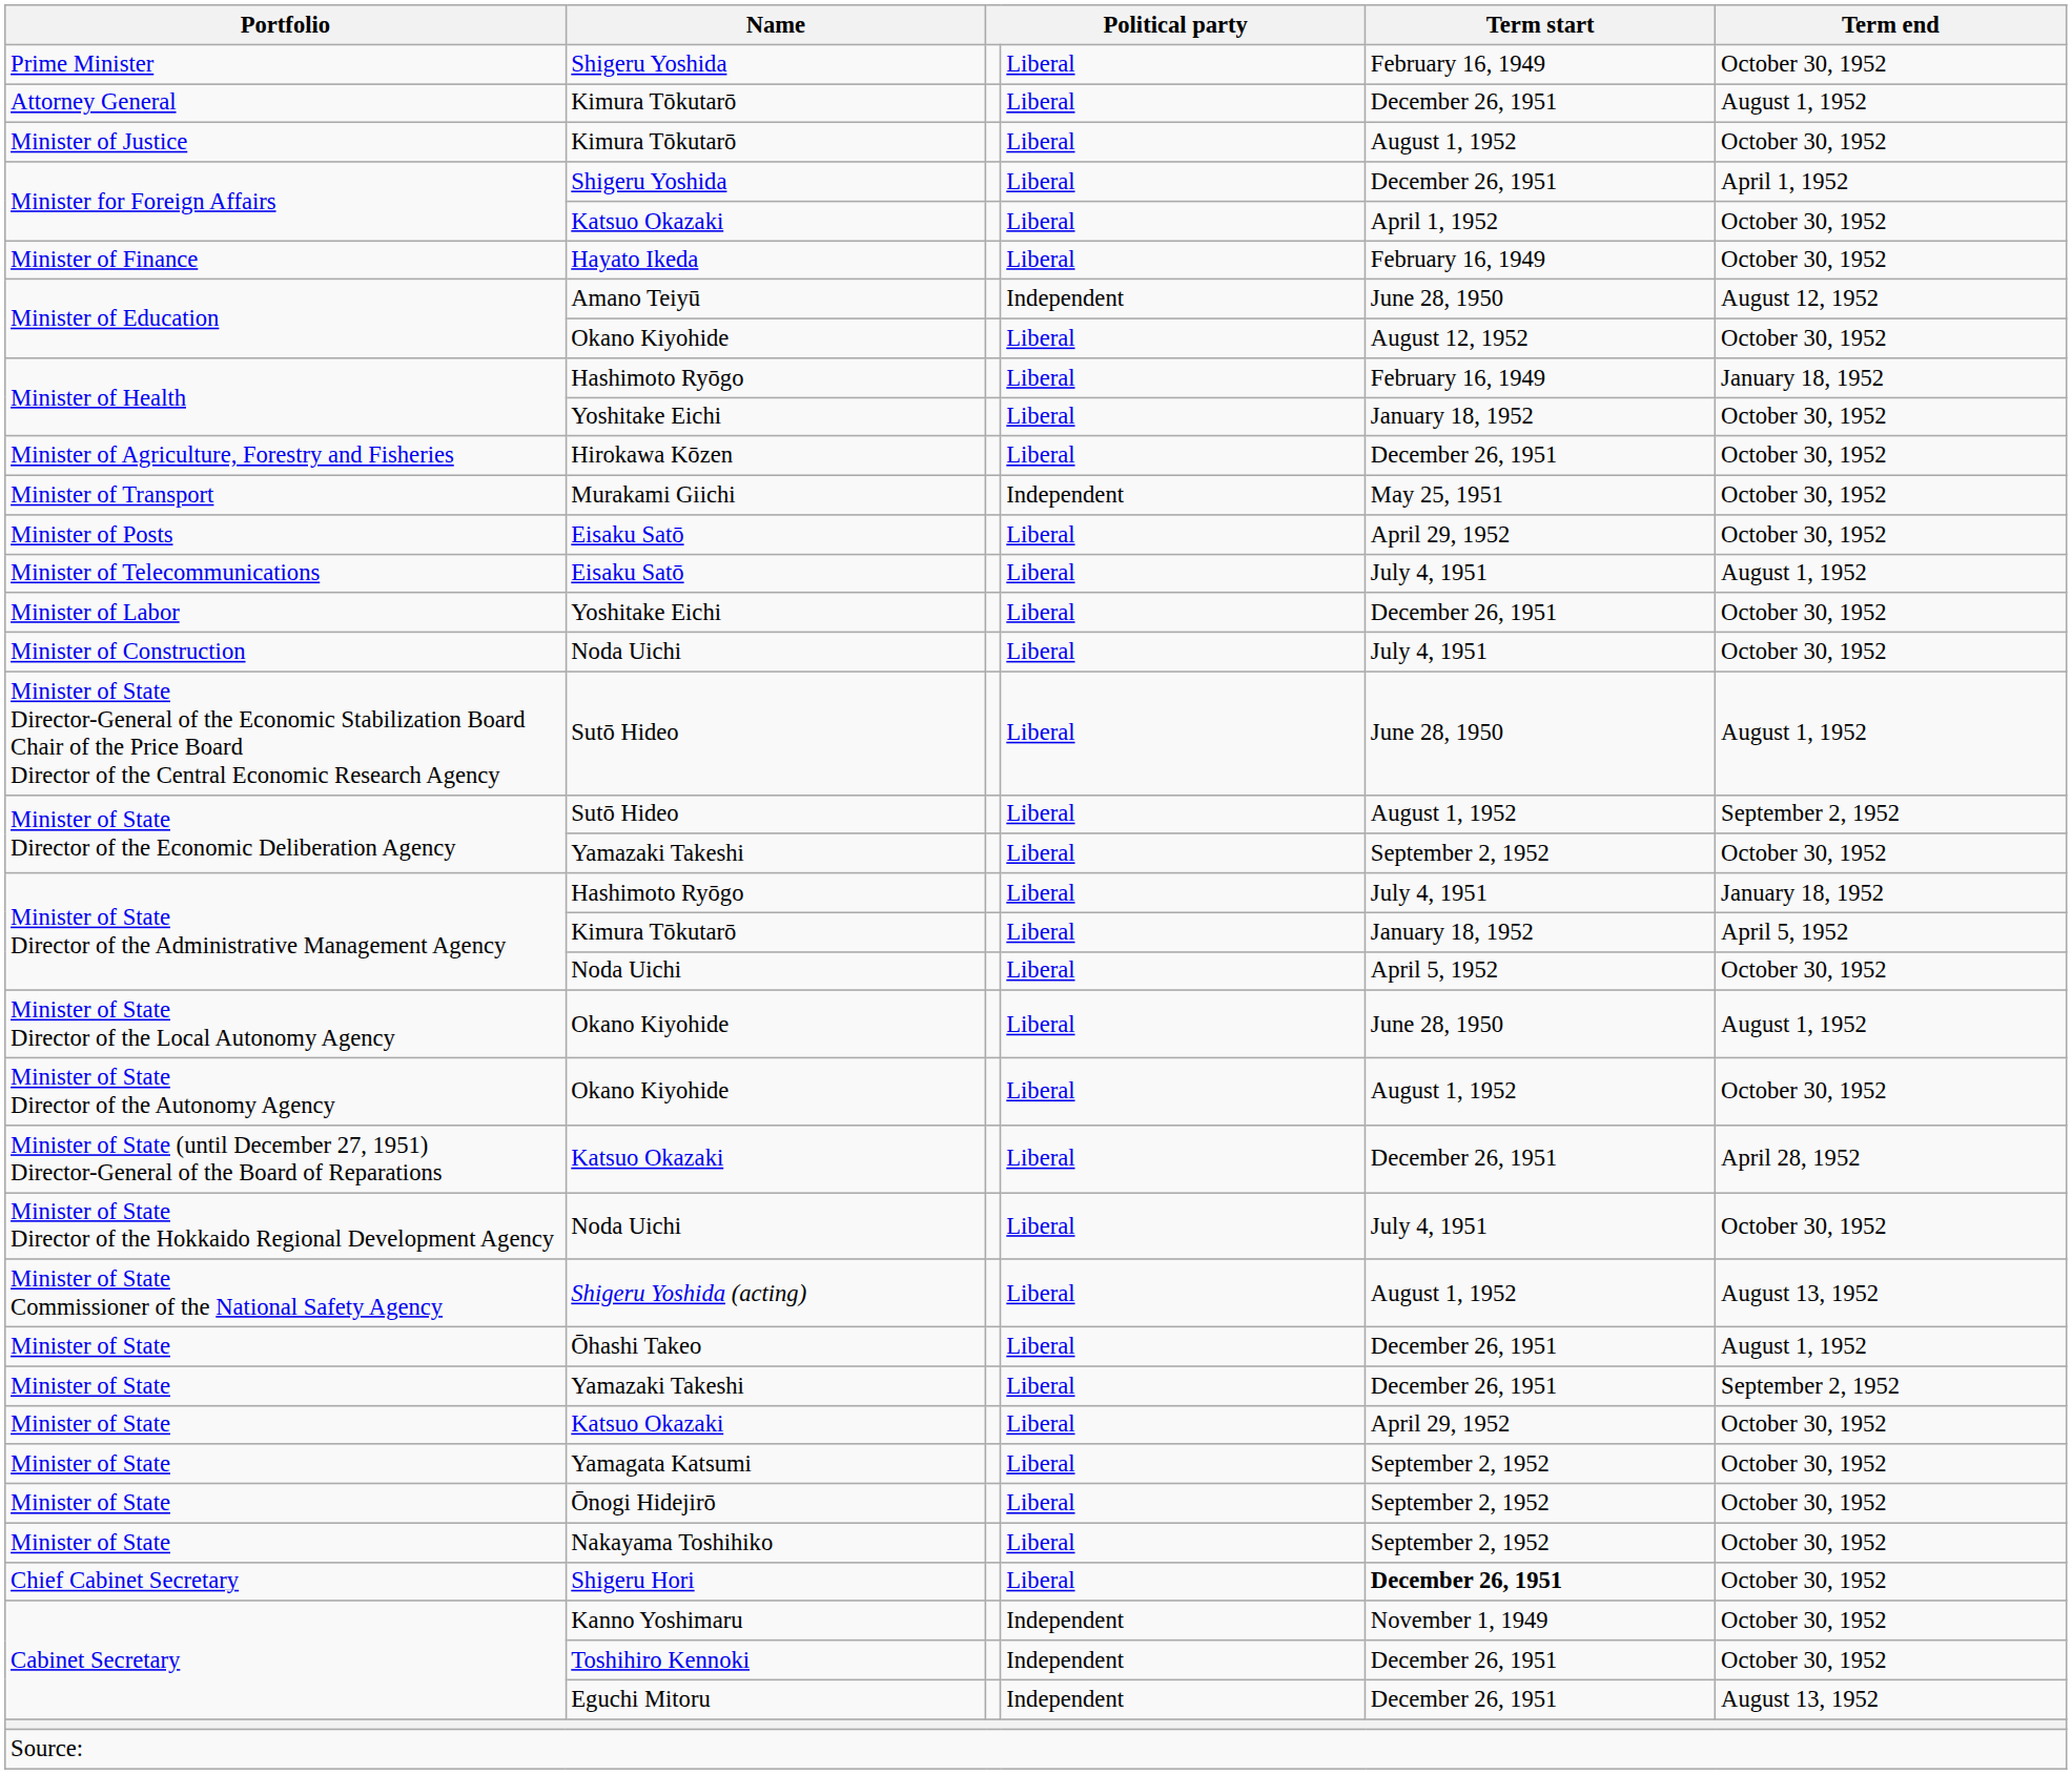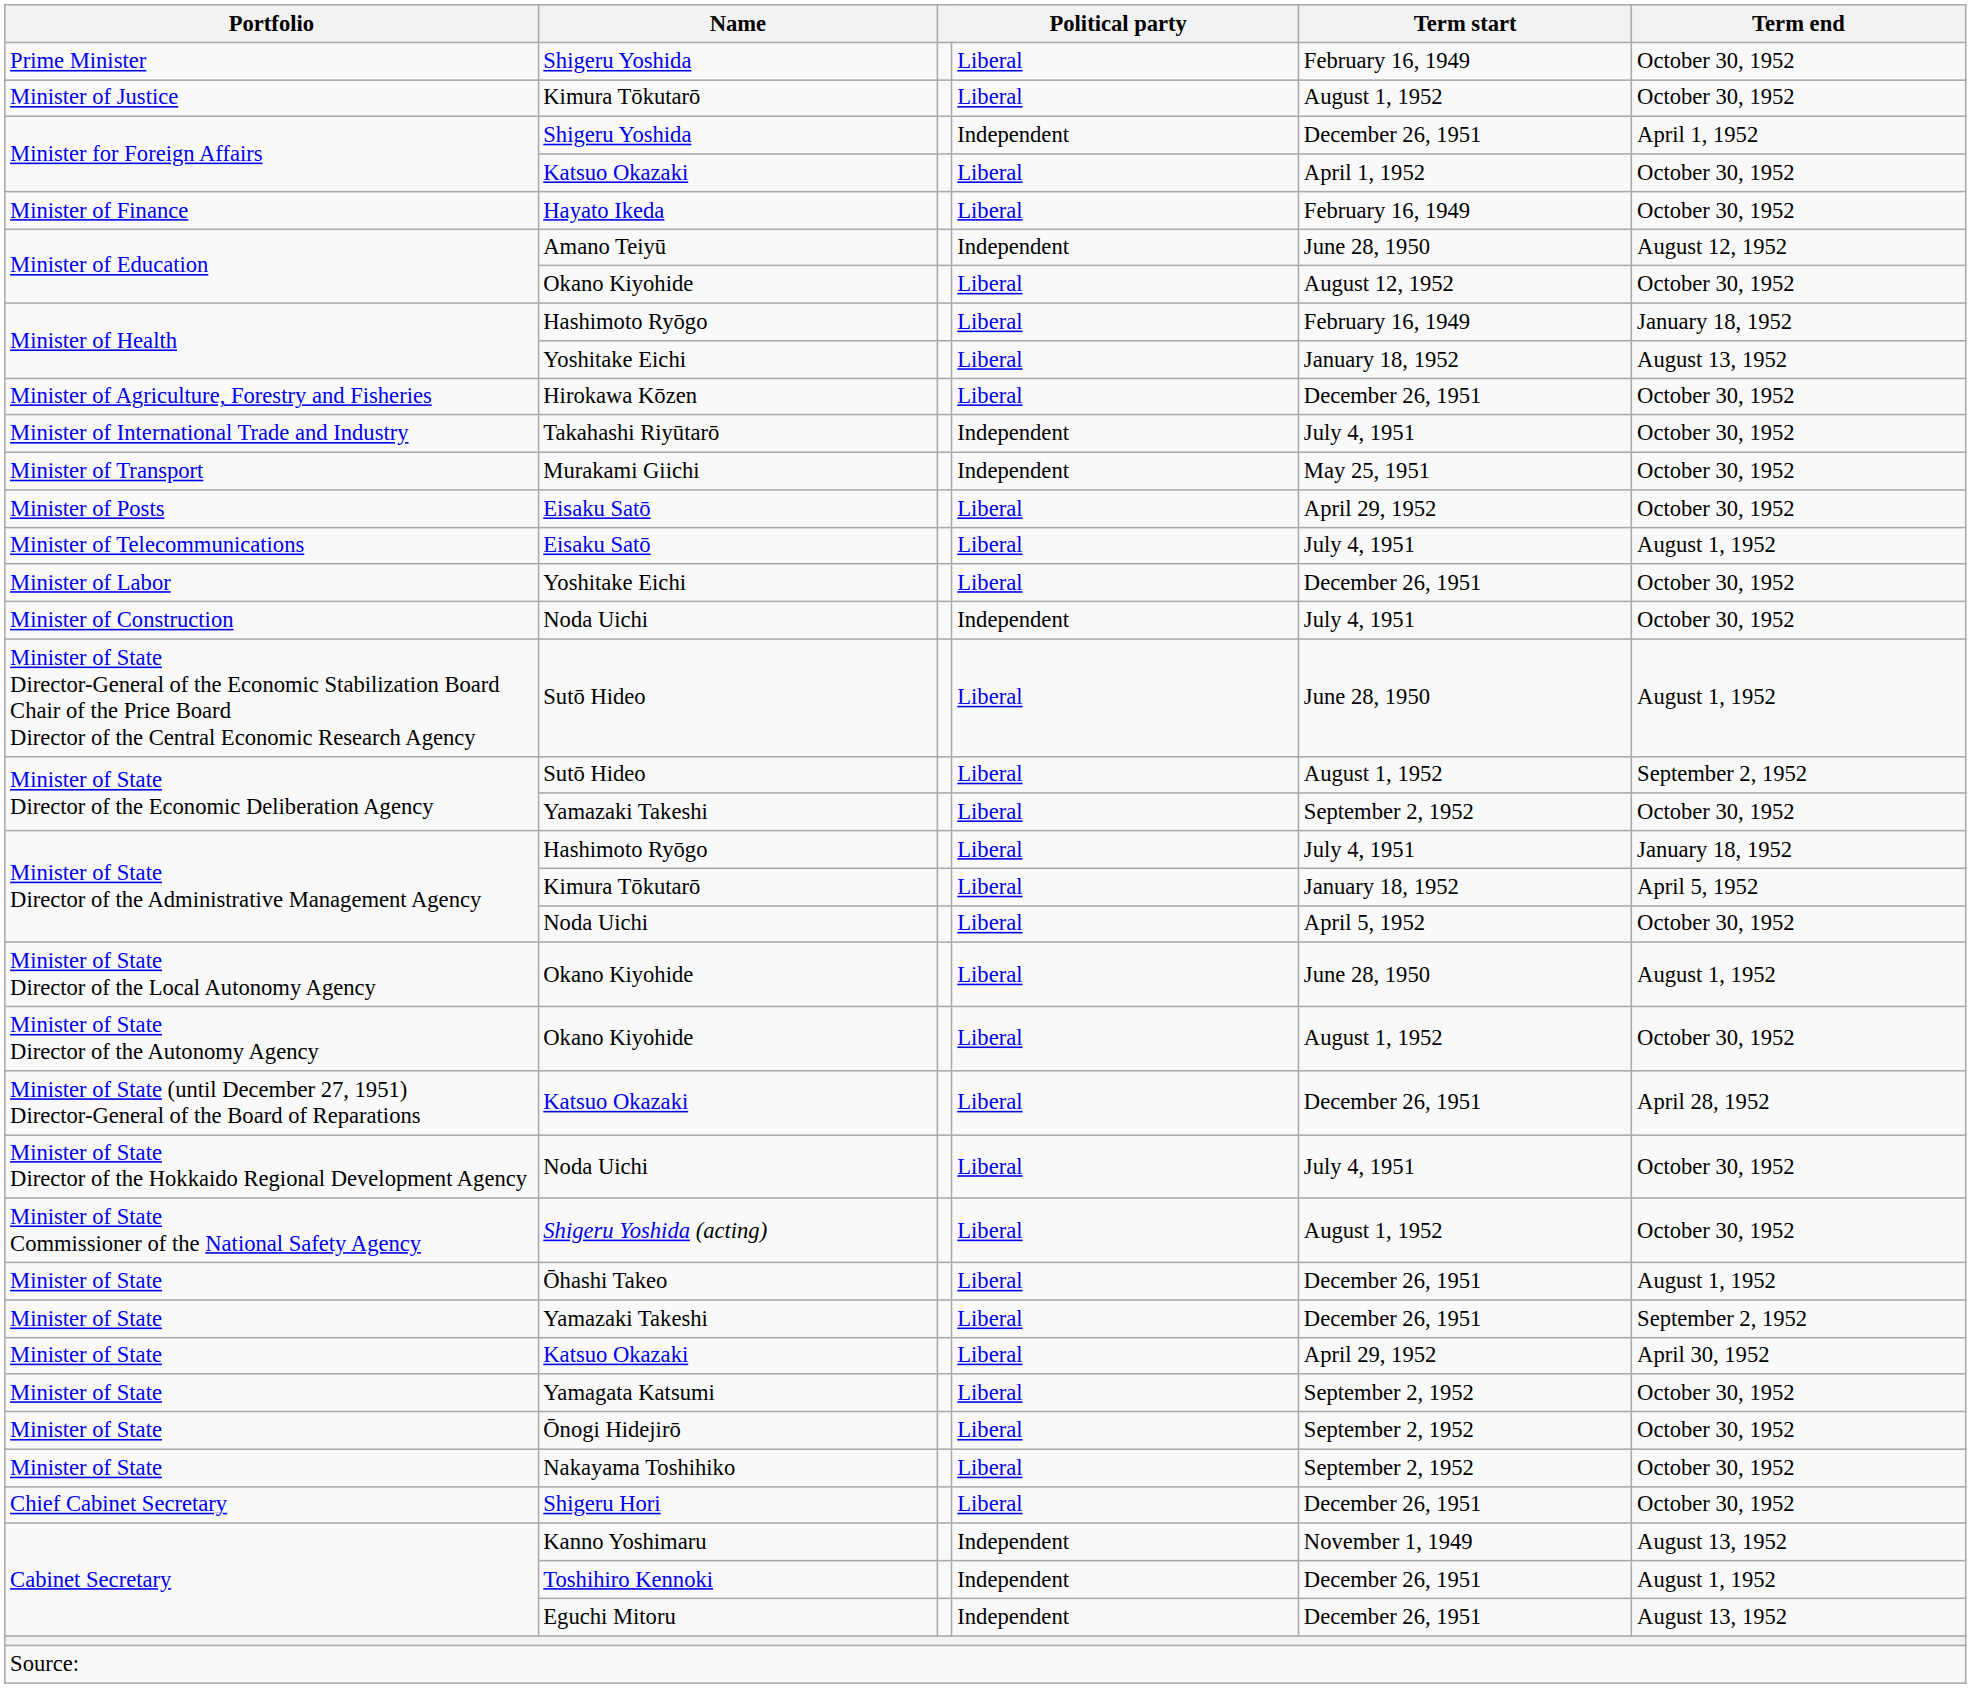 <table class="wikitable unsortable" style="font-size: 90%;">
 <tr>
 <th scope="col" width="20%">Portfolio</th>
 <th scope="col" width="15%">Name</th>
 <th colspan="2" scope="col" width="13.5%">Political party</th>
 <th scope="col" width="12.5%">Term start</th>
 <th scope="col" width="12.5%">Term end</th>
 </tr>
 <tr>
 <td style="text-align: left;"><a href='#'>Prime Minister</a></td>
 <td><a href='#'>Shigeru Yoshida</a></td>
 <td width="0.5%" style="background:"></td>
 <td><a href='#'>Liberal</a></td>
 <td>February 16, 1949</td>
 <td>October 30, 1952</td>
 </tr>
 <tr>
-<td><a href='#'>Attorney General</a></td>
-<td>Kimura Tōkutarō</td>
-<td style="color:inherit;background:"></td>
-<td><a href='#'>Liberal</a></td>
-<td>December 26, 1951</td>
-<td>August 1, 1952</td>
-</tr>
-<tr>
 <td><a href='#'>Minister of Justice</a></td>
 <td>Kimura Tōkutarō</td>
 <td style="color:inherit;background:"></td>
 <td><a href='#'>Liberal</a></td>
 <td>August 1, 1952</td>
 <td>October 30, 1952</td>
 </tr>
 <tr>
 <td rowspan="2"><a href='#'>Minister for Foreign Affairs</a></td>
 <td><a href='#'>Shigeru Yoshida</a></td>
 <td style="color:inherit;background:"></td>
-<td><a href='#'>Liberal</a></td>
+<td>Independent</td>
 <td>December 26, 1951</td>
 <td>April 1, 1952</td>
 </tr>
 <tr>
 <td><a href='#'>Katsuo Okazaki</a></td>
 <td style="color:inherit;background:"></td>
 <td><a href='#'>Liberal</a></td>
 <td>April 1, 1952</td>
 <td>October 30, 1952</td>
 </tr>
 <tr>
 <td><a href='#'>Minister of Finance</a></td>
 <td><a href='#'>Hayato Ikeda</a></td>
 <td style="color:inherit;background:"></td>
 <td><a href='#'>Liberal</a></td>
 <td>February 16, 1949</td>
 <td>October 30, 1952</td>
 </tr>
 <tr>
 <td rowspan="2"><a href='#'>Minister of Education</a></td>
 <td>Amano Teiyū</td>
 <td style="color:inherit;background:"></td>
 <td>Independent</td>
 <td>June 28, 1950</td>
 <td>August 12, 1952</td>
 </tr>
 <tr>
 <td>Okano Kiyohide</td>
 <td style="color:inherit;background:"></td>
 <td><a href='#'>Liberal</a></td>
 <td>August 12, 1952</td>
 <td>October 30, 1952</td>
 </tr>
 <tr>
 <td rowspan="2"><a href='#'>Minister of Health</a></td>
 <td>Hashimoto Ryōgo</td>
 <td style="color:inherit;background:"></td>
 <td><a href='#'>Liberal</a></td>
 <td>February 16, 1949</td>
 <td>January 18, 1952</td>
 </tr>
 <tr>
 <td>Yoshitake Eichi</td>
 <td style="color:inherit;background:"></td>
 <td><a href='#'>Liberal</a></td>
 <td>January 18, 1952</td>
-<td>October 30, 1952</td>
+<td>August 13, 1952</td>
 </tr>
 <tr>
 <td><a href='#'>Minister of Agriculture, Forestry and Fisheries</a></td>
 <td>Hirokawa Kōzen</td>
 <td style="color:inherit;background:"></td>
 <td><a href='#'>Liberal</a></td>
 <td>December 26, 1951</td>
+<td>October 30, 1952</td>
+</tr>
+<tr>
+<td><a href='#'>Minister of International Trade and Industry</a></td>
+<td>Takahashi Riyūtarō</td>
+<td style="color:inherit;background:"></td>
+<td>Independent</td>
+<td>July 4, 1951</td>
 <td>October 30, 1952</td>
 </tr>
 <tr>
 <td><a href='#'>Minister of Transport</a></td>
 <td>Murakami Giichi</td>
 <td style="color:inherit;background:"></td>
 <td>Independent</td>
 <td>May 25, 1951</td>
 <td>October 30, 1952</td>
 </tr>
 <tr>
 <td><a href='#'>Minister of Posts</a></td>
 <td><a href='#'>Eisaku Satō</a></td>
 <td style="color:inherit;background:"></td>
 <td><a href='#'>Liberal</a></td>
 <td>April 29, 1952</td>
 <td>October 30, 1952</td>
 </tr>
 <tr>
 <td><a href='#'>Minister of Telecommunications</a></td>
 <td><a href='#'>Eisaku Satō</a></td>
 <td style="color:inherit;background:"></td>
 <td><a href='#'>Liberal</a></td>
 <td>July 4, 1951</td>
 <td>August 1, 1952</td>
 </tr>
 <tr>
 <td><a href='#'>Minister of Labor</a></td>
 <td>Yoshitake Eichi</td>
 <td style="color:inherit;background:"></td>
 <td><a href='#'>Liberal</a></td>
 <td>December 26, 1951</td>
 <td>October 30, 1952</td>
 </tr>
 <tr>
 <td><a href='#'>Minister of Construction</a></td>
 <td>Noda Uichi</td>
 <td style="color:inherit;background:"></td>
-<td><a href='#'>Liberal</a></td>
+<td>Independent</td>
 <td>July 4, 1951</td>
 <td>October 30, 1952</td>
 </tr>
 <tr>
 <td><a href='#'>Minister of State</a><br>Director-General of the Economic Stabilization Board<br>Chair of the Price Board<br>Director of the Central Economic Research Agency</td>
 <td>Sutō Hideo</td>
 <td style="color:inherit;background:"></td>
 <td><a href='#'>Liberal</a></td>
 <td>June 28, 1950</td>
 <td>August 1, 1952</td>
 </tr>
 <tr>
 <td rowspan="2"><a href='#'>Minister of State</a><br>Director of the Economic Deliberation Agency</td>
 <td>Sutō Hideo</td>
 <td style="color:inherit;background:"></td>
 <td><a href='#'>Liberal</a></td>
 <td>August 1, 1952</td>
 <td>September 2, 1952</td>
 </tr>
 <tr>
 <td>Yamazaki Takeshi</td>
 <td style="color:inherit;background:"></td>
 <td><a href='#'>Liberal</a></td>
 <td>September 2, 1952</td>
 <td>October 30, 1952</td>
 </tr>
 <tr>
 <td rowspan="3"><a href='#'>Minister of State</a><br>Director of the Administrative Management Agency</td>
 <td>Hashimoto Ryōgo</td>
 <td style="color:inherit;background:"></td>
 <td><a href='#'>Liberal</a></td>
 <td>July 4, 1951</td>
 <td>January 18, 1952</td>
 </tr>
 <tr>
 <td>Kimura Tōkutarō</td>
 <td style="color:inherit;background:"></td>
 <td><a href='#'>Liberal</a></td>
 <td>January 18, 1952</td>
 <td>April 5, 1952</td>
 </tr>
 <tr>
 <td>Noda Uichi</td>
 <td style="color:inherit;background:"></td>
 <td><a href='#'>Liberal</a></td>
 <td>April 5, 1952</td>
 <td>October 30, 1952</td>
 </tr>
 <tr>
 <td><a href='#'>Minister of State</a><br>Director of the Local Autonomy Agency</td>
 <td>Okano Kiyohide</td>
 <td style="color:inherit;background:"></td>
 <td><a href='#'>Liberal</a></td>
 <td>June 28, 1950</td>
 <td>August 1, 1952</td>
 </tr>
 <tr>
 <td><a href='#'>Minister of State</a><br>Director of the Autonomy Agency</td>
 <td>Okano Kiyohide</td>
 <td style="color:inherit;background:"></td>
 <td><a href='#'>Liberal</a></td>
 <td>August 1, 1952</td>
 <td>October 30, 1952</td>
 </tr>
 <tr>
 <td><a href='#'>Minister of State</a> (until December 27, 1951)<br>Director-General of the Board of Reparations</td>
 <td><a href='#'>Katsuo Okazaki</a></td>
 <td style="color:inherit;background:"></td>
 <td><a href='#'>Liberal</a></td>
 <td>December 26, 1951</td>
 <td>April 28, 1952</td>
 </tr>
 <tr>
 <td><a href='#'>Minister of State</a><br>Director of the Hokkaido Regional Development Agency</td>
 <td>Noda Uichi</td>
 <td style="color:inherit;background:"></td>
 <td><a href='#'>Liberal</a></td>
 <td>July 4, 1951</td>
 <td>October 30, 1952</td>
 </tr>
 <tr>
 <td><a href='#'>Minister of State</a><br>Commissioner of the <a href='#'>National Safety Agency</a></td>
 <td><em><a href='#'>Shigeru Yoshida</a> (acting)</em></td>
 <td style="color:inherit;background:"></td>
 <td><a href='#'>Liberal</a></td>
 <td>August 1, 1952</td>
-<td>August 13, 1952</td>
+<td>October 30, 1952</td>
 </tr>
 <tr>
 <td><a href='#'>Minister of State</a></td>
 <td>Ōhashi Takeo</td>
 <td style="color:inherit;background:"></td>
 <td><a href='#'>Liberal</a></td>
 <td>December 26, 1951</td>
 <td>August 1, 1952</td>
 </tr>
 <tr>
 <td><a href='#'>Minister of State</a></td>
 <td>Yamazaki Takeshi</td>
 <td style="color:inherit;background:"></td>
 <td><a href='#'>Liberal</a></td>
 <td>December 26, 1951</td>
 <td>September 2, 1952</td>
 </tr>
 <tr>
 <td><a href='#'>Minister of State</a></td>
 <td><a href='#'>Katsuo Okazaki</a></td>
 <td style="color:inherit;background:"></td>
 <td><a href='#'>Liberal</a></td>
 <td>April 29, 1952</td>
-<td>October 30, 1952</td>
+<td>April 30, 1952</td>
 </tr>
 <tr>
 <td><a href='#'>Minister of State</a></td>
 <td>Yamagata Katsumi</td>
 <td style="color:inherit;background:"></td>
 <td><a href='#'>Liberal</a></td>
 <td>September 2, 1952</td>
 <td>October 30, 1952</td>
 </tr>
 <tr>
 <td><a href='#'>Minister of State</a></td>
 <td>Ōnogi Hidejirō</td>
 <td style="color:inherit;background:"></td>
 <td><a href='#'>Liberal</a></td>
 <td>September 2, 1952</td>
 <td>October 30, 1952</td>
 </tr>
 <tr>
 <td><a href='#'>Minister of State</a></td>
 <td>Nakayama Toshihiko</td>
 <td style="color:inherit;background:"></td>
 <td><a href='#'>Liberal</a></td>
 <td>September 2, 1952</td>
 <td>October 30, 1952</td>
 </tr>
 <tr>
 <td><a href='#'>Chief Cabinet Secretary</a></td>
 <td><a href='#'>Shigeru Hori</a></td>
 <td style="color:inherit;background:"></td>
 <td><a href='#'>Liberal</a></td>
-<td><strong>December 26, 1951</strong></td>
+<td>December 26, 1951</td>
 <td>October 30, 1952</td>
 </tr>
 <tr>
 <td rowspan="3"><a href='#'>Cabinet Secretary</a></td>
 <td>Kanno Yoshimaru</td>
 <td style="color:inherit;background:"></td>
 <td>Independent</td>
 <td>November 1, 1949</td>
-<td>October 30, 1952</td>
+<td>August 13, 1952</td>
 </tr>
 <tr>
 <td><a href='#'>Toshihiro Kennoki</a></td>
 <td style="color:inherit;background:"></td>
 <td>Independent</td>
 <td>December 26, 1951</td>
-<td>October 30, 1952</td>
+<td>August 1, 1952</td>
 </tr>
 <tr>
 <td>Eguchi Mitoru</td>
 <td style="color:inherit;background:"></td>
 <td>Independent</td>
 <td>December 26, 1951</td>
 <td>August 13, 1952</td>
 </tr>
 <tr>
 <th colspan="6"></th>
 </tr>
 <tr>
 <td colspan="6">Source:</td>
 </tr>
 </table>
